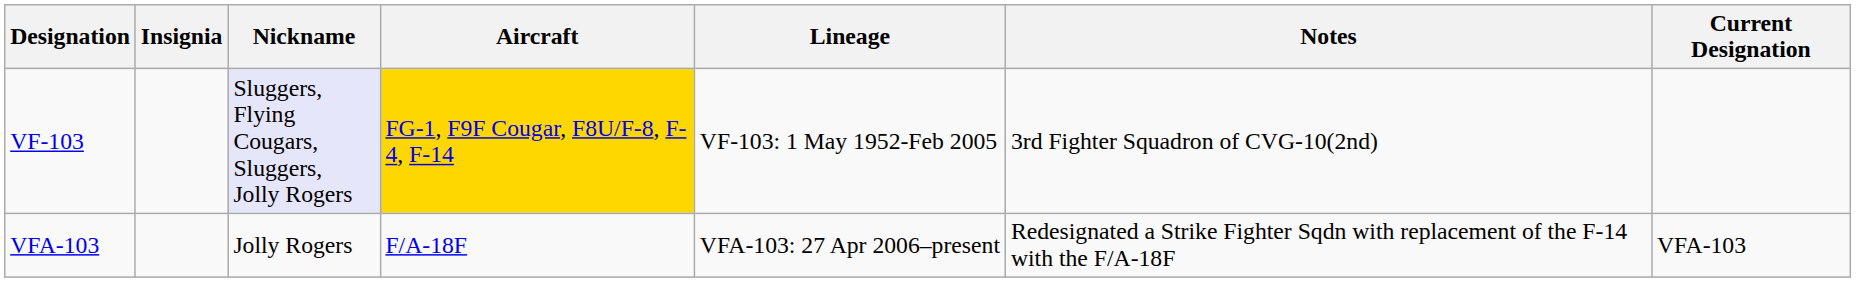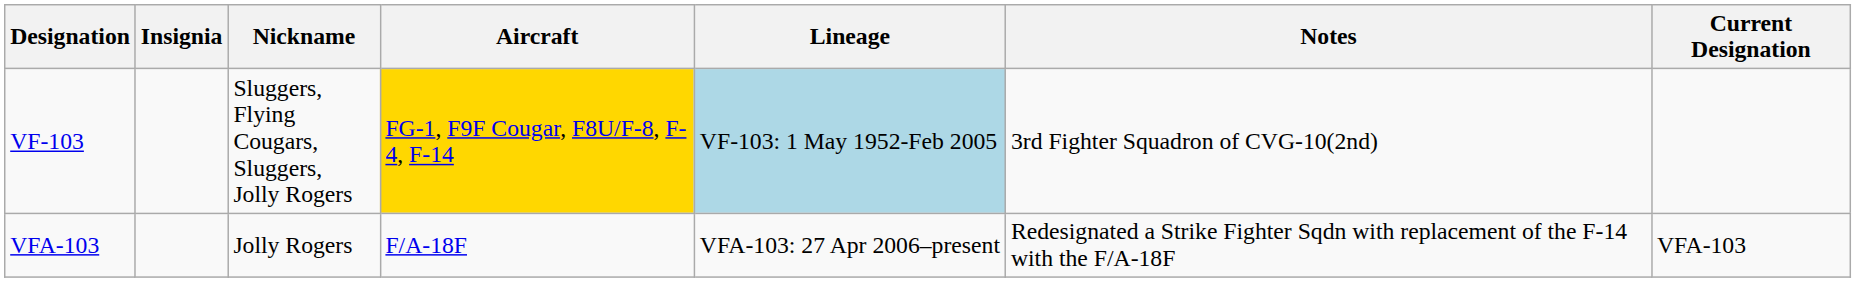 <table class="wikitable">
 <tr>
 <th>Designation</th>
 <th>Insignia</th>
 <th>Nickname</th>
 <th>Aircraft</th>
 <th>Lineage</th>
 <th>Notes</th>
 <th>Current Designation</th>
 </tr>
 <tr>
 <td><a href='#'>VF-103</a></td>
 <td><br></td>
-<td style="background: lavender;">Sluggers,<br>Flying Cougars,<br>Sluggers,<br>Jolly Rogers</td>
+<td>Sluggers,<br>Flying Cougars,<br>Sluggers,<br>Jolly Rogers</td>
 <td style="background: gold;"><a href='#'>FG-1</a>, <a href='#'>F9F Cougar</a>, <a href='#'>F8U/F-8</a>, <a href='#'>F-4</a>, <a href='#'>F-14</a></td>
-<td>VF-103: 1 May 1952-Feb 2005</td>
+<td style="background: lightblue;">VF-103: 1 May 1952-Feb 2005</td>
 <td>3rd Fighter Squadron of CVG-10(2nd)</td>
 </tr>
 <tr>
 <td><a href='#'>VFA-103</a></td>
 <td></td>
 <td>Jolly Rogers</td>
 <td><a href='#'>F/A-18F</a></td>
 <td style="white-space: nowrap;">VFA-103: 27 Apr 2006–present</td>
 <td>Redesignated a Strike Fighter Sqdn with replacement of the F-14 with the F/A-18F</td>
 <td>VFA-103</td>
 </tr>
 </table>
